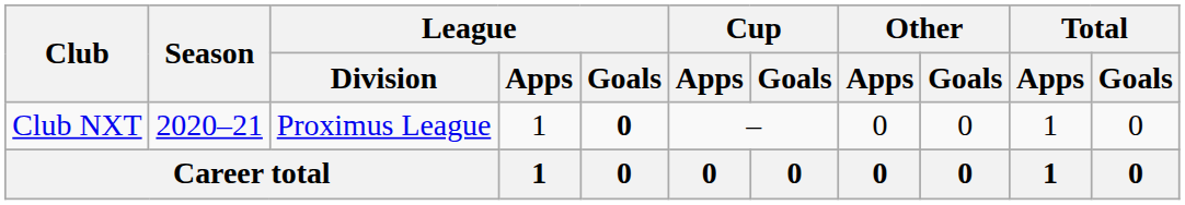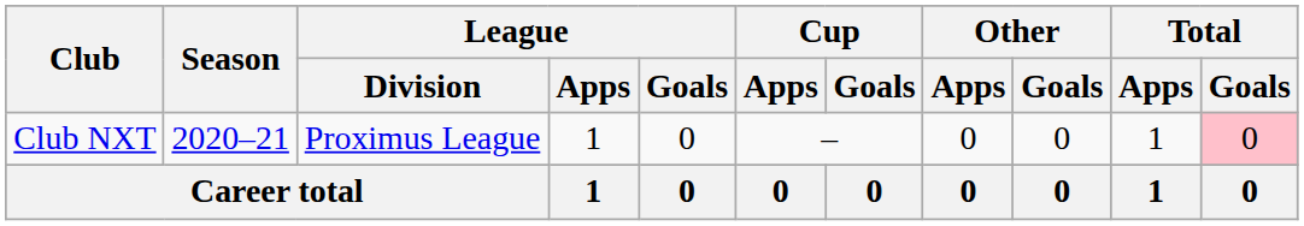 <table class="wikitable" style="text-align: center">
 <tr>
 <th rowspan="2">Club</th>
 <th rowspan="2">Season</th>
 <th colspan="3">League</th>
 <th colspan="2">Cup</th>
 <th colspan="2">Other</th>
 <th colspan="2">Total</th>
 </tr>
 <tr>
 <th>Division</th>
 <th>Apps</th>
 <th>Goals</th>
 <th>Apps</th>
 <th>Goals</th>
 <th>Apps</th>
 <th>Goals</th>
 <th>Apps</th>
 <th>Goals</th>
 </tr>
 <tr>
 <td><a href='#'>Club NXT</a></td>
 <td><a href='#'>2020–21</a></td>
 <td><a href='#'>Proximus League</a></td>
 <td>1</td>
-<td><strong>0</strong></td>
+<td>0</td>
 <td colspan="2">–</td>
 <td>0</td>
 <td>0</td>
 <td>1</td>
-<td>0</td>
+<td style="background: pink;">0</td>
 </tr>
 <tr>
 <th colspan=3>Career total</th>
 <th>1</th>
 <th>0</th>
 <th>0</th>
 <th>0</th>
 <th>0</th>
 <th>0</th>
 <th>1</th>
 <th>0</th>
 </tr>
 </table>
